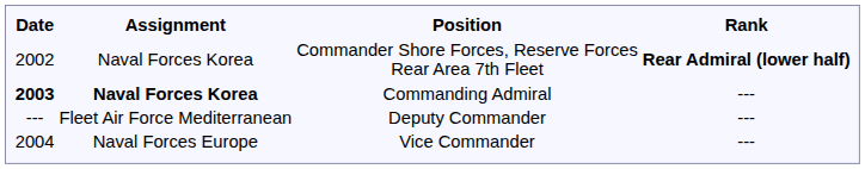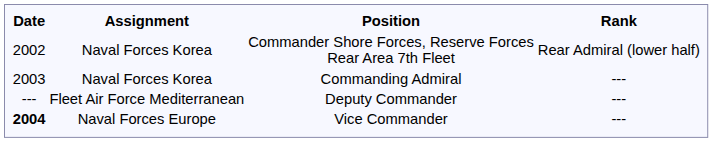 <table style="border:1px solid #8888aa; background-color:#f7f8ff; padding:5px; font-size:95%; margin: 0px 12px 12px 0px;">
 <tr>
 <td align="center"><strong>Date</strong></td>
 <td align="center"><strong>Assignment</strong></td>
 <td align="center"><strong>Position</strong></td>
 <td align="center"><strong>Rank</strong></td>
 </tr>
 <tr>
 <td align="center">2002</td>
 <td align="center">Naval Forces Korea</td>
 <td align="center">Commander Shore Forces, Reserve Forces<br>Rear Area 7th Fleet</td>
-<td align="center"><strong>Rear Admiral (lower half)</strong></td>
+<td align="center">Rear Admiral (lower half)</td>
 </tr>
 <tr>
-<td align="center"><strong>2003</strong></td>
-<td align="center"><strong>Naval Forces Korea</strong></td>
+<td align="center">2003</td>
+<td align="center">Naval Forces Korea</td>
 <td align="center">Commanding Admiral</td>
 <td align="center">---</td>
 </tr>
 <tr>
 <td align="center">---</td>
 <td align="center">Fleet Air Force Mediterranean</td>
 <td align="center">Deputy Commander</td>
 <td align="center">---</td>
 </tr>
 <tr>
-<td align="center">2004</td>
+<td align="center"><strong>2004</strong></td>
 <td align="center">Naval Forces Europe</td>
 <td align="center">Vice Commander</td>
 <td align="center">---</td>
 </tr>
 <tr>
 </tr>
 </table>
